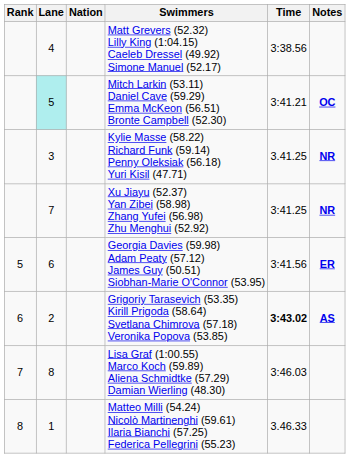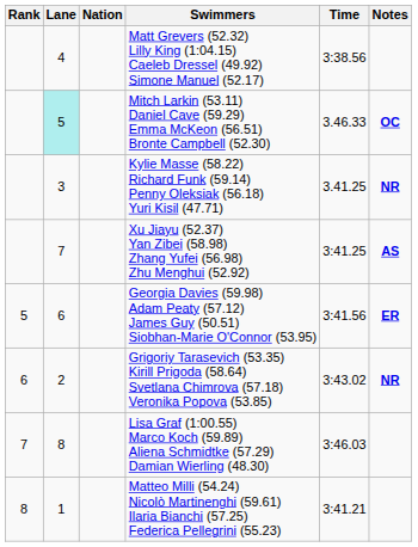 <table class="wikitable sortable" style="text-align:center">
 <tr>
 <th>Rank</th>
 <th>Lane</th>
 <th>Nation</th>
 <th>Swimmers</th>
 <th>Time</th>
 <th>Notes</th>
 </tr>
 <tr>
 <td></td>
 <td>4</td>
 <td align=left></td>
 <td align=left><a href='#'>Matt Grevers</a> (52.32)<br><a href='#'>Lilly King</a> (1:04.15) <br><a href='#'>Caeleb Dressel</a> (49.92)<br><a href='#'>Simone Manuel</a> (52.17)</td>
 <td>3:38.56</td>
 <td></td>
 </tr>
 <tr>
 <td></td>
 <td style="background: paleturquoise;">5</td>
 <td align=left></td>
 <td align=left><a href='#'>Mitch Larkin</a> (53.11)<br><a href='#'>Daniel Cave</a> (59.29)<br><a href='#'>Emma McKeon</a> (56.51)<br><a href='#'>Bronte Campbell</a> (52.30)</td>
-<td>3:41.21</td>
+<td>3.46.33</td>
 <td><strong><a href='#'>OC</a></strong></td>
 </tr>
 <tr>
 <td></td>
 <td>3</td>
 <td align=left></td>
 <td align=left><a href='#'>Kylie Masse</a> (58.22)<br><a href='#'>Richard Funk</a> (59.14)<br><a href='#'>Penny Oleksiak</a> (56.18)<br><a href='#'>Yuri Kisil</a> (47.71)</td>
 <td>3.41.25</td>
 <td><strong><a href='#'>NR</a></strong></td>
 </tr>
 <tr>
 <td></td>
 <td>7</td>
 <td align=left></td>
 <td align=left><a href='#'>Xu Jiayu</a> (52.37)<br><a href='#'>Yan Zibei</a> (58.98)<br><a href='#'>Zhang Yufei</a> (56.98)<br><a href='#'>Zhu Menghui</a> (52.92)</td>
 <td>3:41.25</td>
-<td><strong><a href='#'>NR</a></strong></td>
+<td><strong><a href='#'>AS</a></strong></td>
 </tr>
 <tr>
 <td>5</td>
 <td>6</td>
 <td align=left></td>
 <td align=left><a href='#'>Georgia Davies</a> (59.98)<br><a href='#'>Adam Peaty</a> (57.12)<br><a href='#'>James Guy</a> (50.51)<br><a href='#'>Siobhan-Marie O'Connor</a> (53.95)</td>
 <td>3:41.56</td>
 <td><strong><a href='#'>ER</a></strong></td>
 </tr>
 <tr>
 <td>6</td>
 <td>2</td>
 <td align=left></td>
 <td align=left><a href='#'>Grigoriy Tarasevich</a> (53.35)<br><a href='#'>Kirill Prigoda</a> (58.64)<br><a href='#'>Svetlana Chimrova</a> (57.18)<br><a href='#'>Veronika Popova</a> (53.85)</td>
-<td><strong>3:43.02</strong></td>
-<td><strong><a href='#'>AS</a></strong></td>
+<td>3:43.02</td>
+<td><strong><a href='#'>NR</a></strong></td>
 </tr>
 <tr>
 <td>7</td>
 <td>8</td>
 <td align=left></td>
 <td align=left><a href='#'>Lisa Graf</a> (1:00.55)<br><a href='#'>Marco Koch</a> (59.89)<br><a href='#'>Aliena Schmidtke</a> (57.29)<br><a href='#'>Damian Wierling</a> (48.30)</td>
 <td>3:46.03</td>
 <td></td>
 </tr>
 <tr>
 <td>8</td>
 <td>1</td>
 <td align=left></td>
 <td align=left><a href='#'>Matteo Milli</a> (54.24)<br><a href='#'>Nicolò Martinenghi</a> (59.61)<br><a href='#'>Ilaria Bianchi</a> (57.25)<br><a href='#'>Federica Pellegrini</a> (55.23)</td>
-<td>3.46.33</td>
+<td>3:41.21</td>
 <td></td>
 </tr>
 </table>
